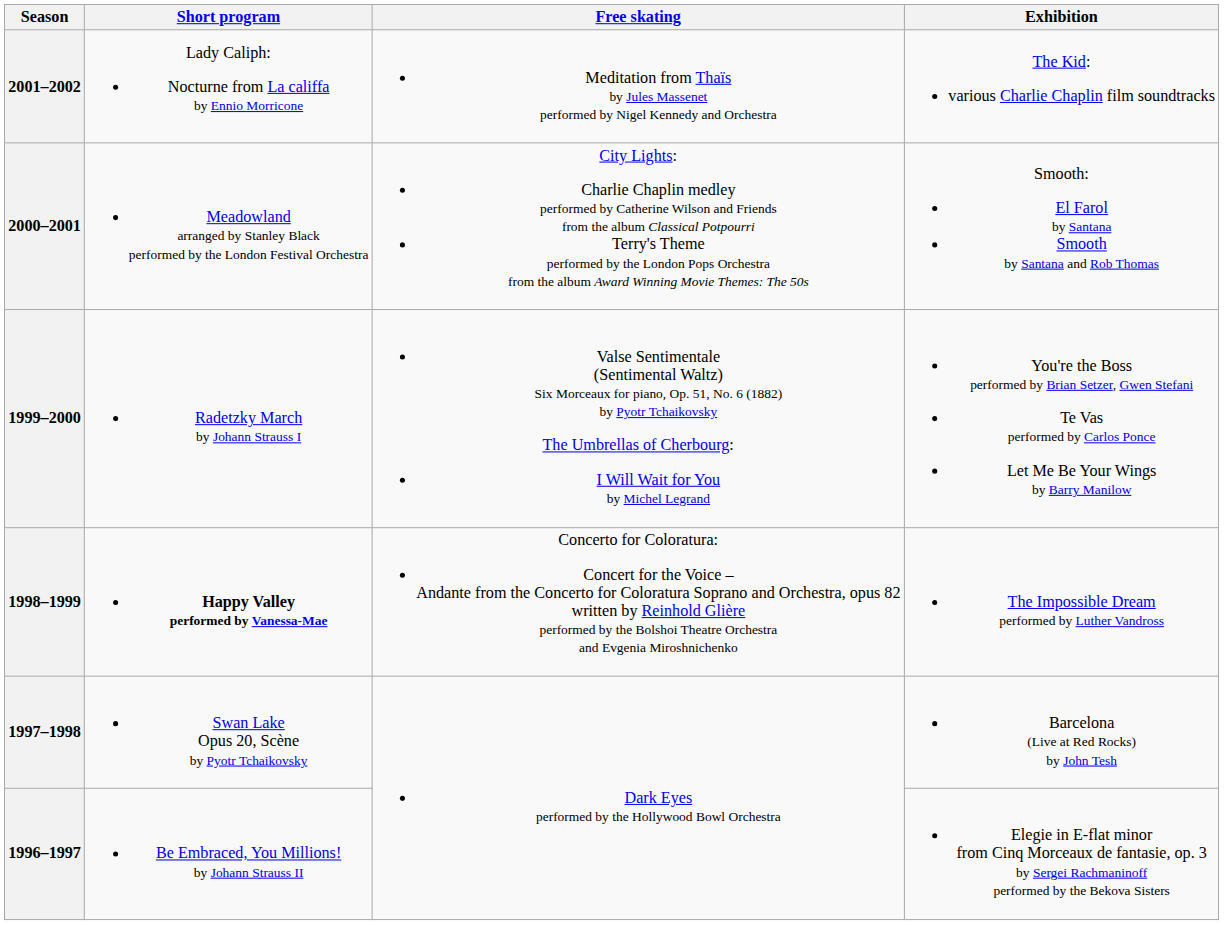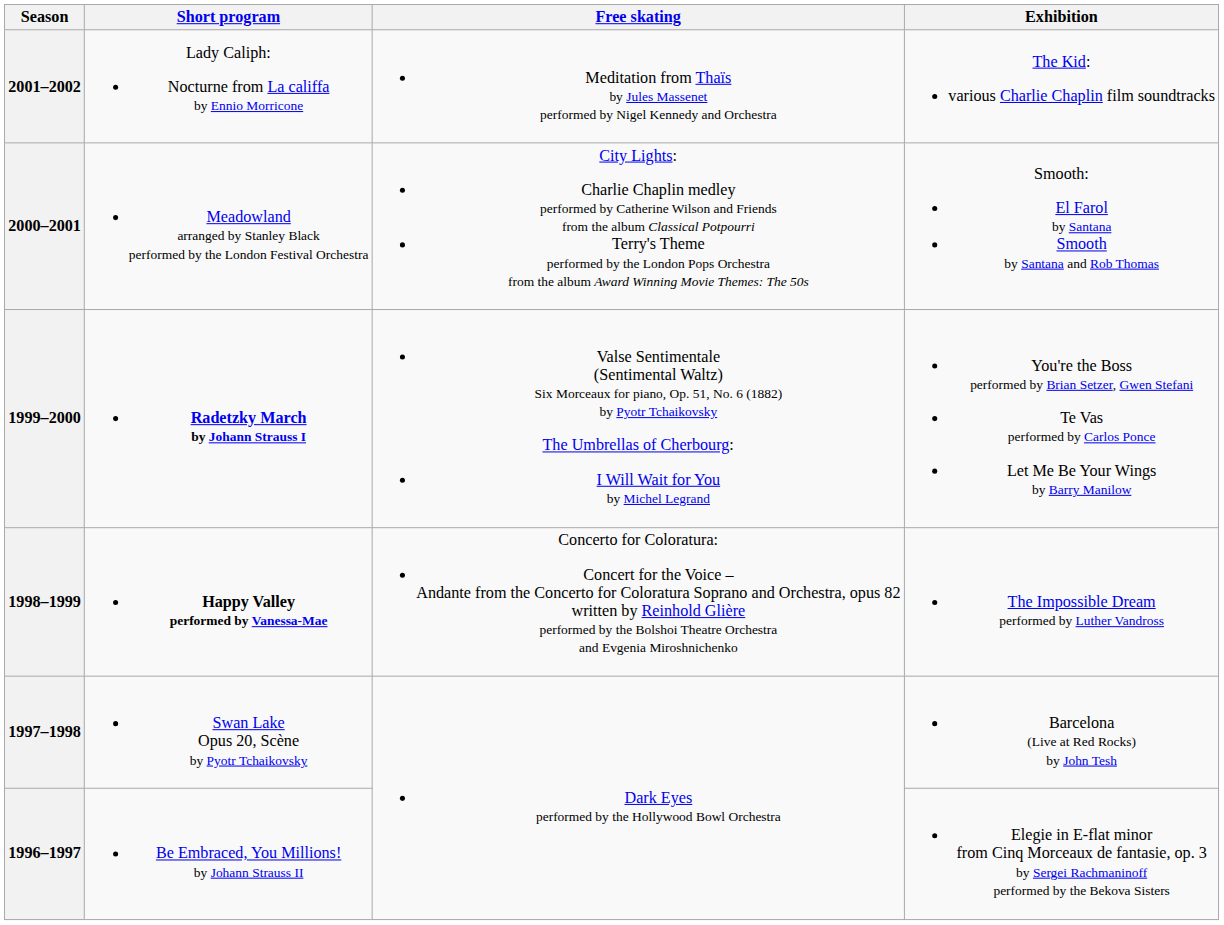 <table class="wikitable" style="text-align:center">
 <tr>
 <th>Season</th>
 <th><a href='#'>Short program</a></th>
 <th><a href='#'>Free skating</a></th>
 <th>Exhibition</th>
 </tr>
 <tr>
 <th>2001–2002 <br> </th>
 <td>Lady Caliph:<br><ul><li>Nocturne from <a href='#'>La califfa</a> <br><small> by <a href='#'>Ennio Morricone</a> </small></li></ul></td>
 <td><br><ul><li>Meditation from <a href='#'>Thaïs</a> <br><small> by <a href='#'>Jules Massenet</a> <br> performed by Nigel Kennedy and Orchestra</small></li></ul></td>
 <td><a href='#'>The Kid</a>:<br><ul><li>various <a href='#'>Charlie Chaplin</a> film soundtracks</li></ul></td>
 </tr>
 <tr>
 <th>2000–2001 <br> </th>
 <td><br><ul><li><a href='#'>Meadowland</a> <br><small> arranged by Stanley Black <br> performed by the London Festival Orchestra </small></li></ul></td>
 <td><a href='#'>City Lights</a>:<br><ul><li>Charlie Chaplin medley <br><small> performed by Catherine Wilson and Friends <br> from the album <em>Classical Potpourri</em></small></li><li>Terry's Theme <br><small> performed by the London Pops Orchestra <br> from the album <em>Award Winning Movie Themes: The 50s</em> </small></li></ul></td>
 <td>Smooth:<br><ul><li><a href='#'>El Farol</a> <br><small> by <a href='#'>Santana</a> </small></li><li><a href='#'>Smooth</a> <br><small> by <a href='#'>Santana</a> and <a href='#'>Rob Thomas</a> </small></li></ul></td>
 </tr>
 <tr>
 <th>1999–2000</th>
-<td><br><ul><li><a href='#'>Radetzky March</a> <br><small> by <a href='#'>Johann Strauss I</a> </small></li></ul></td>
+<td><strong><br><ul><li><a href='#'>Radetzky March</a> <br><small> by <a href='#'>Johann Strauss I</a> </small></li></ul></strong></td>
 <td><br><ul><li>Valse Sentimentale <br> (Sentimental Waltz) <br><small> Six Morceaux for piano, Op. 51, No. 6 (1882) <br> by <a href='#'>Pyotr Tchaikovsky</a> </small></li></ul><a href='#'>The Umbrellas of Cherbourg</a>:<ul><li><a href='#'>I Will Wait for You</a> <br><small> by <a href='#'>Michel Legrand</a> </small></li></ul></td>
 <td><br><ul><li>You're the Boss <br><small> performed by <a href='#'>Brian Setzer</a>, <a href='#'>Gwen Stefani</a> </small></li></ul><ul><li>Te Vas <br> <small> performed by <a href='#'>Carlos Ponce</a> </small></li></ul><ul><li>Let Me Be Your Wings <br><small> by <a href='#'>Barry Manilow</a> </small></li></ul></td>
 </tr>
 <tr>
 <th>1998–1999</th>
 <td><strong><br><ul><li>Happy Valley <br><small> performed by <a href='#'>Vanessa-Mae</a> </small></li></ul></strong></td>
 <td>Concerto for Coloratura:<br><ul><li>Concert for the Voice – <br> Andante from the Concerto for Coloratura Soprano and Orchestra, opus 82 <br> written by <a href='#'>Reinhold Glière</a> <br><small> performed by the Bolshoi Theatre Orchestra <br> and Evgenia Miroshnichenko </small></li></ul></td>
 <td><br><ul><li><a href='#'>The Impossible Dream</a> <br><small> performed by <a href='#'>Luther Vandross</a> </small></li></ul></td>
 </tr>
 <tr>
 <th>1997–1998</th>
 <td><br><ul><li><a href='#'>Swan Lake</a> <br>Opus 20, Scène <br><small> by <a href='#'>Pyotr Tchaikovsky</a> </small></li></ul></td>
 <td rowspan=2><br><ul><li><a href='#'>Dark Eyes</a> <br><small> performed by the Hollywood Bowl Orchestra </small></li></ul></td>
 <td><br><ul><li>Barcelona <br><small> (Live at Red Rocks) <br> by <a href='#'>John Tesh</a></small></li></ul></td>
 </tr>
 <tr>
 <th>1996–1997</th>
 <td><br><ul><li><a href='#'>Be Embraced, You Millions!</a> <br><small> by <a href='#'>Johann Strauss II</a> </small></li></ul></td>
 <td><br><ul><li>Elegie in E-flat minor <br> from Cinq Morceaux de fantasie, op. 3 <br><small> by <a href='#'>Sergei Rachmaninoff</a> <br> performed by the Bekova Sisters </small></li></ul></td>
 </tr>
 </table>
